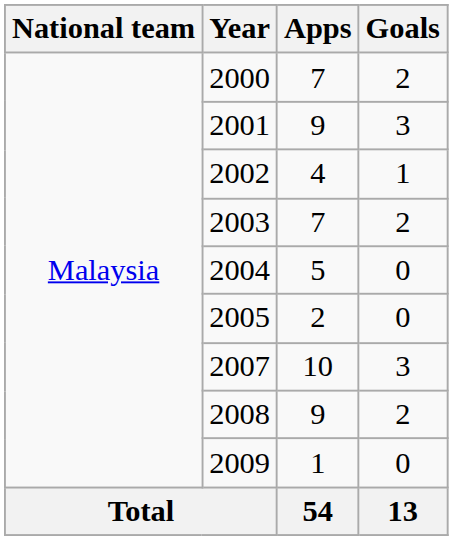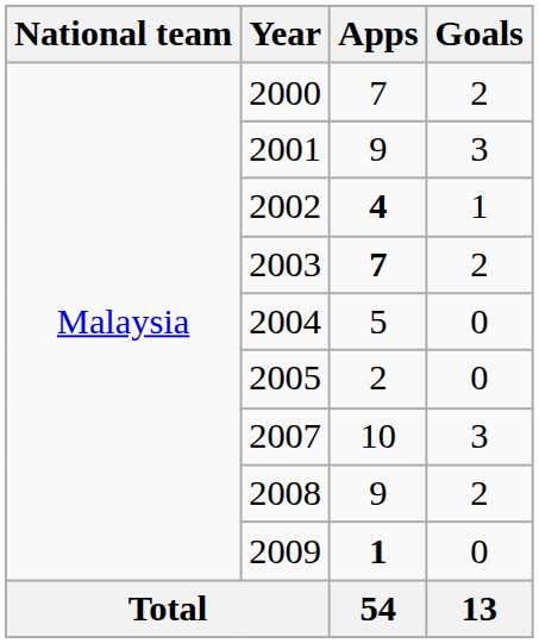 <table class=wikitable style="text-align: center;">
 <tr>
 <th>National team</th>
 <th>Year</th>
 <th>Apps</th>
 <th>Goals</th>
 </tr>
 <tr>
 <td rowspan=9><a href='#'>Malaysia</a></td>
 <td>2000</td>
 <td>7</td>
 <td>2</td>
 </tr>
 <tr>
 <td>2001</td>
 <td>9</td>
 <td>3</td>
 </tr>
 <tr>
 <td>2002</td>
-<td>4</td>
+<td><strong>4</strong></td>
 <td>1</td>
 </tr>
 <tr>
 <td>2003</td>
-<td>7</td>
+<td><strong>7</strong></td>
 <td>2</td>
 </tr>
 <tr>
 <td>2004</td>
 <td>5</td>
 <td>0</td>
 </tr>
 <tr>
 <td>2005</td>
 <td>2</td>
 <td>0</td>
 </tr>
 <tr>
 <td>2007</td>
 <td>10</td>
 <td>3</td>
 </tr>
 <tr>
 <td>2008</td>
 <td>9</td>
 <td>2</td>
 </tr>
 <tr>
 <td>2009</td>
-<td>1</td>
+<td><strong>1</strong></td>
 <td>0</td>
 </tr>
 <tr>
 <th colspan=2>Total</th>
 <th>54</th>
 <th>13</th>
 </tr>
 </table>
